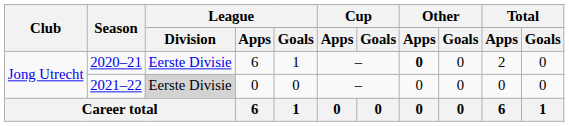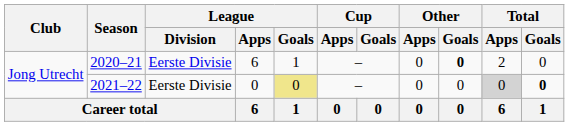 <table class="wikitable" style="text-align: center">
 <tr>
 <th rowspan="2">Club</th>
 <th rowspan="2">Season</th>
 <th colspan="3">League</th>
 <th colspan="2">Cup</th>
 <th colspan="2">Other</th>
 <th colspan="2">Total</th>
 </tr>
 <tr>
 <th>Division</th>
 <th>Apps</th>
 <th>Goals</th>
 <th>Apps</th>
 <th>Goals</th>
 <th>Apps</th>
 <th>Goals</th>
 <th>Apps</th>
 <th>Goals</th>
 </tr>
 <tr>
 <td rowspan="2"><a href='#'>Jong Utrecht</a></td>
 <td><a href='#'>2020–21</a></td>
 <td><a href='#'>Eerste Divisie</a></td>
 <td>6</td>
 <td>1</td>
 <td colspan="2">–</td>
+<td>0</td>
 <td><strong>0</strong></td>
-<td>0</td>
 <td>2</td>
 <td>0</td>
 </tr>
 <tr>
 <td><a href='#'>2021–22</a></td>
-<td style="background: lightgrey;">Eerste Divisie</td>
+<td>Eerste Divisie</td>
 <td>0</td>
-<td>0</td>
+<td style="background: khaki;">0</td>
 <td colspan="2">–</td>
 <td>0</td>
 <td>0</td>
-<td>0</td>
-<td>0</td>
+<td style="background: lightgrey;">0</td>
+<td><strong>0</strong></td>
 </tr>
 <tr>
 <th colspan="3"><strong>Career total</strong></th>
 <th>6</th>
 <th>1</th>
 <th>0</th>
 <th>0</th>
 <th>0</th>
 <th>0</th>
 <th>6</th>
 <th>1</th>
 </tr>
 </table>
